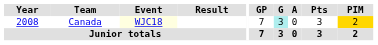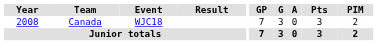 <table border="0" cellpadding="1" cellspacing="0" ID="Table3" style="text-align:center; width:40em">
 <tr ALIGN="center" bgcolor="#e0e0e0">
 <th>Year</th>
 <th>Team</th>
 <th>Event</th>
 <th>Result</th>
 <th rowspan="99" bgcolor="#ffffff"></th>
 <th>GP</th>
 <th>G</th>
 <th>A</th>
 <th>Pts</th>
 <th>PIM</th>
 </tr>
 <tr>
 <td><a href='#'>2008</a></td>
 <td><a href='#'>Canada</a></td>
-<td style="background: lightyellow;"><a href='#'>WJC18</a></td>
+<td><a href='#'>WJC18</a></td>
 <td></td>
 <td>7</td>
-<td style="background: paleturquoise;">3</td>
+<td>3</td>
 <td>0</td>
 <td>3</td>
-<td style="background: gold;">2</td>
+<td>2</td>
 </tr>
 <tr bgcolor="#e0e0e0">
 <th colspan="4">Junior totals</th>
 <th>7</th>
 <th>3</th>
 <th>0</th>
 <th>3</th>
 <th>2</th>
 </tr>
 </table>
